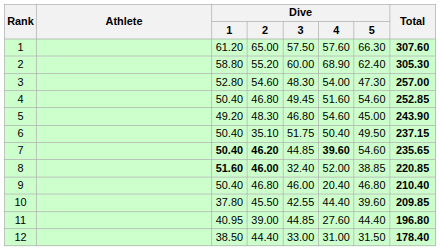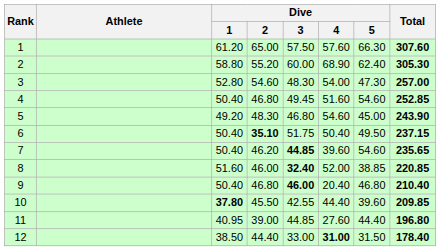 <table class=wikitable style="text-align:center">
 <tr>
 <th rowspan="2" width=40>Rank</th>
 <th rowspan="2" width=250>Athlete</th>
 <th colspan="5">Dive</th>
 <th rowspan="2" width=60>Total</th>
 </tr>
 <tr>
 <th width=45>1</th>
 <th width=45>2</th>
 <th width=45>3</th>
 <th width=45>4</th>
 <th width=45>5</th>
 </tr>
 <tr bgcolor="ccffcc">
 <td>1</td>
 <td align=left></td>
 <td>61.20</td>
 <td>65.00</td>
 <td>57.50</td>
 <td>57.60</td>
 <td>66.30</td>
 <td><strong>307.60</strong></td>
 </tr>
 <tr bgcolor="ccffcc">
 <td>2</td>
 <td align=left></td>
 <td>58.80</td>
 <td>55.20</td>
 <td>60.00</td>
 <td>68.90</td>
 <td>62.40</td>
 <td><strong>305.30</strong></td>
 </tr>
 <tr bgcolor="ccffcc">
 <td>3</td>
 <td align=left></td>
 <td>52.80</td>
 <td>54.60</td>
 <td>48.30</td>
 <td>54.00</td>
 <td>47.30</td>
 <td><strong>257.00</strong></td>
 </tr>
 <tr bgcolor="ccffcc">
 <td>4</td>
 <td align=left></td>
 <td>50.40</td>
 <td>46.80</td>
 <td>49.45</td>
 <td>51.60</td>
 <td>54.60</td>
 <td><strong>252.85</strong></td>
 </tr>
 <tr bgcolor="ccffcc">
 <td>5</td>
 <td align=left></td>
 <td>49.20</td>
 <td>48.30</td>
 <td>46.80</td>
 <td>54.60</td>
 <td>45.00</td>
 <td><strong>243.90</strong></td>
 </tr>
 <tr bgcolor="ccffcc">
 <td>6</td>
 <td align=left></td>
 <td>50.40</td>
-<td>35.10</td>
+<td><strong>35.10</strong></td>
 <td>51.75</td>
 <td>50.40</td>
 <td>49.50</td>
 <td><strong>237.15</strong></td>
 </tr>
 <tr bgcolor="ccffcc">
 <td>7</td>
 <td align=left></td>
-<td><strong>50.40</strong></td>
-<td><strong>46.20</strong></td>
-<td>44.85</td>
-<td><strong>39.60</strong></td>
+<td>50.40</td>
+<td>46.20</td>
+<td><strong>44.85</strong></td>
+<td>39.60</td>
 <td>54.60</td>
 <td><strong>235.65</strong></td>
 </tr>
 <tr bgcolor="ccffcc">
 <td>8</td>
 <td align=left></td>
-<td><strong>51.60</strong></td>
-<td><strong>46.00</strong></td>
-<td>32.40</td>
+<td>51.60</td>
+<td>46.00</td>
+<td><strong>32.40</strong></td>
 <td>52.00</td>
 <td>38.85</td>
 <td><strong>220.85</strong></td>
 </tr>
 <tr bgcolor="ccffcc">
 <td>9</td>
 <td align=left></td>
 <td>50.40</td>
 <td>46.80</td>
-<td>46.00</td>
+<td><strong>46.00</strong></td>
 <td>20.40</td>
 <td>46.80</td>
 <td><strong>210.40</strong></td>
 </tr>
 <tr bgcolor="ccffcc">
 <td>10</td>
 <td align=left></td>
-<td>37.80</td>
+<td><strong>37.80</strong></td>
 <td>45.50</td>
 <td>42.55</td>
 <td>44.40</td>
 <td>39.60</td>
 <td><strong>209.85</strong></td>
 </tr>
 <tr bgcolor="ccffcc">
 <td>11</td>
 <td align=left></td>
 <td>40.95</td>
 <td>39.00</td>
 <td>44.85</td>
 <td>27.60</td>
 <td>44.40</td>
 <td><strong>196.80</strong></td>
 </tr>
 <tr bgcolor="ccffcc">
 <td>12</td>
 <td align=left></td>
 <td>38.50</td>
 <td>44.40</td>
 <td>33.00</td>
-<td>31.00</td>
+<td><strong>31.00</strong></td>
 <td>31.50</td>
 <td><strong>178.40</strong></td>
 </tr>
 </table>
